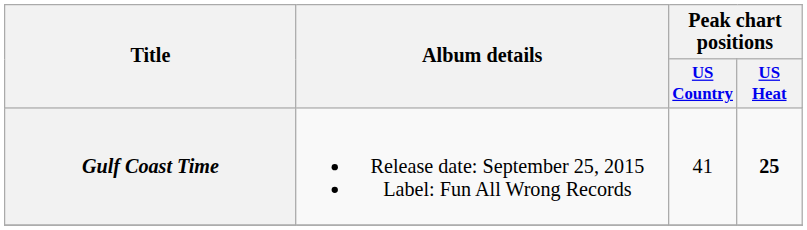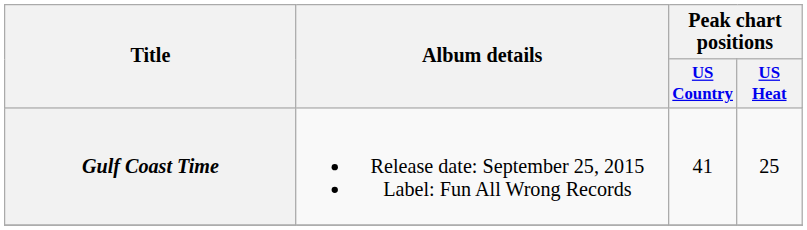 <table class="wikitable plainrowheaders" style="text-align:center;">
 <tr>
 <th rowspan="2" style="width:14em;">Title</th>
 <th rowspan="2" style="width:18em;">Album details</th>
 <th colspan="2">Peak chart<br>positions</th>
 </tr>
 <tr style="font-size:smaller;">
 <th width="45"><a href='#'>US Country</a></th>
 <th width="45"><a href='#'>US<br>Heat</a></th>
 </tr>
 <tr>
 <th scope="row"><em>Gulf Coast Time</em></th>
 <td><br><ul><li>Release date: September 25, 2015</li><li>Label: Fun All Wrong Records</li></ul></td>
 <td>41</td>
-<td><strong>25</strong></td>
+<td>25</td>
 </tr>
 <tr>
 </tr>
 </table>
